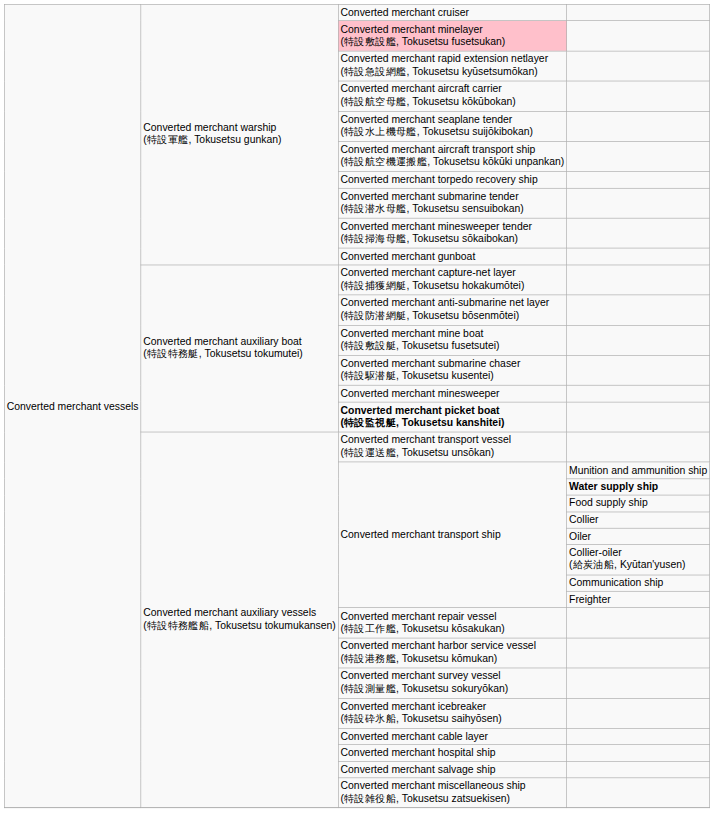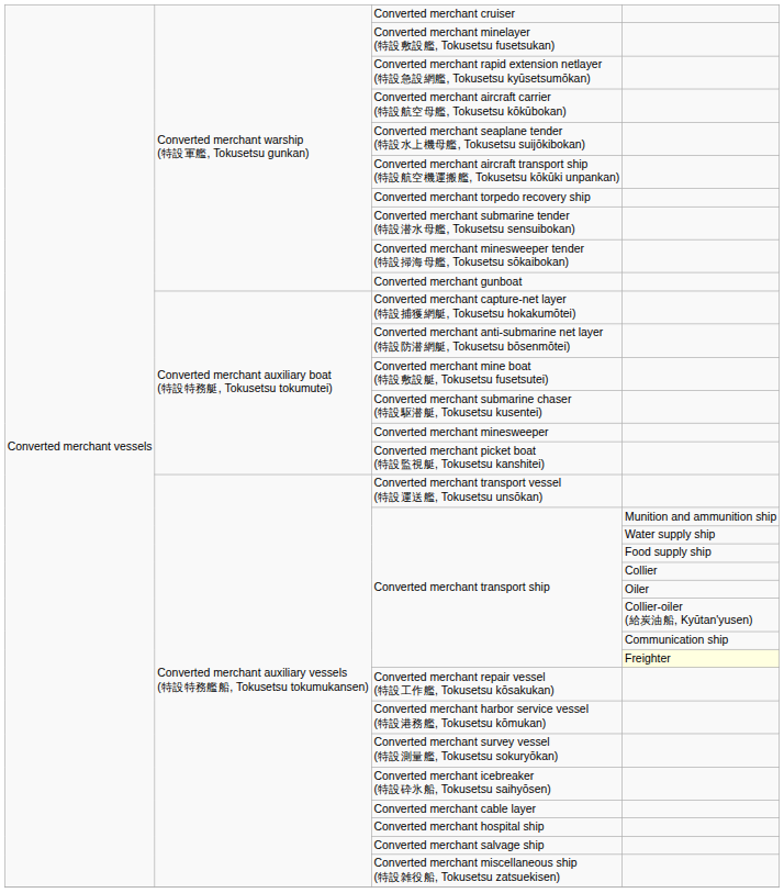 <table class="wikitable">
 <tr>
 <td rowspan="33">Converted merchant vessels</td>
 <td rowspan="10">Converted merchant warship<br>(特設軍艦, Tokusetsu gunkan)</td>
 <td>Converted merchant cruiser</td>
 <td></td>
 </tr>
 <tr>
-<td style="background: pink;">Converted merchant minelayer<br>(特設敷設艦, Tokusetsu fusetsukan)</td>
+<td>Converted merchant minelayer<br>(特設敷設艦, Tokusetsu fusetsukan)</td>
 <td></td>
 </tr>
 <tr>
 <td>Converted merchant rapid extension netlayer<br>(特設急設網艦, Tokusetsu kyūsetsumōkan)</td>
 <td></td>
 </tr>
 <tr>
 <td>Converted merchant aircraft carrier<br>(特設航空母艦, Tokusetsu kōkūbokan)</td>
 <td></td>
 </tr>
 <tr>
 <td>Converted merchant seaplane tender<br>(特設水上機母艦, Tokusetsu suijōkibokan)</td>
 <td></td>
 </tr>
 <tr>
 <td>Converted merchant aircraft transport ship<br>(特設航空機運搬艦, Tokusetsu kōkūki unpankan)</td>
 <td></td>
 </tr>
 <tr>
 <td>Converted merchant torpedo recovery ship</td>
 <td></td>
 </tr>
 <tr>
 <td>Converted merchant submarine tender<br>(特設潜水母艦, Tokusetsu sensuibokan)</td>
 <td></td>
 </tr>
 <tr>
 <td>Converted merchant minesweeper tender<br>(特設掃海母艦, Tokusetsu sōkaibokan)</td>
 <td></td>
 </tr>
 <tr>
 <td>Converted merchant gunboat</td>
 <td></td>
 </tr>
 <tr>
 <td rowspan="6">Converted merchant auxiliary boat<br>(特設特務艇, Tokusetsu tokumutei)</td>
 <td>Converted merchant capture-net layer<br>(特設捕獲網艇, Tokusetsu hokakumōtei)</td>
 <td></td>
 </tr>
 <tr>
 <td>Converted merchant anti-submarine net layer<br>(特設防潜網艇, Tokusetsu bōsenmōtei)</td>
 <td></td>
 </tr>
 <tr>
 <td>Converted merchant mine boat<br>(特設敷設艇, Tokusetsu fusetsutei)</td>
 <td></td>
 </tr>
 <tr>
 <td>Converted merchant submarine chaser<br>(特設駆潜艇, Tokusetsu kusentei)</td>
 <td></td>
 </tr>
 <tr>
 <td>Converted merchant minesweeper</td>
 <td></td>
 </tr>
 <tr>
-<td><strong>Converted merchant picket boat<br>(特設監視艇, Tokusetsu kanshitei)</strong></td>
+<td>Converted merchant picket boat<br>(特設監視艇, Tokusetsu kanshitei)</td>
 <td></td>
 </tr>
 <tr>
 <td rowspan="17">Converted merchant auxiliary vessels<br>(特設特務艦船, Tokusetsu tokumukansen)</td>
 <td>Converted merchant transport vessel<br>(特設運送艦, Tokusetsu unsōkan)</td>
 <td></td>
 </tr>
 <tr>
 <td rowspan="8">Converted merchant transport ship</td>
 <td>Munition and ammunition ship</td>
 </tr>
 <tr>
-<td><strong>Water supply ship</strong></td>
+<td>Water supply ship</td>
 </tr>
 <tr>
 <td>Food supply ship</td>
 </tr>
 <tr>
 <td>Collier</td>
 </tr>
 <tr>
 <td>Oiler</td>
 </tr>
 <tr>
 <td>Collier-oiler<br>(給炭油船, Kyūtan'yusen)</td>
 </tr>
 <tr>
 <td>Communication ship</td>
 </tr>
 <tr>
-<td>Freighter</td>
+<td style="background: lightyellow;">Freighter</td>
 </tr>
 <tr>
 <td>Converted merchant repair vessel<br>(特設工作艦, Tokusetsu kōsakukan)</td>
 <td></td>
 </tr>
 <tr>
 <td>Converted merchant harbor service vessel<br>(特設港務艦, Tokusetsu kōmukan)</td>
 <td></td>
 </tr>
 <tr>
 <td>Converted merchant survey vessel<br>(特設測量艦, Tokusetsu sokuryōkan)</td>
 <td></td>
 </tr>
 <tr>
 <td>Converted merchant icebreaker<br>(特設砕氷船, Tokusetsu saihyōsen)</td>
 <td></td>
 </tr>
 <tr>
 <td>Converted merchant cable layer</td>
 <td></td>
 </tr>
 <tr>
 <td>Converted merchant hospital ship</td>
 <td></td>
 </tr>
 <tr>
 <td>Converted merchant salvage ship</td>
 <td></td>
 </tr>
 <tr>
 <td>Converted merchant miscellaneous ship<br>(特設雑役船, Tokusetsu zatsuekisen)</td>
 <td></td>
 </tr>
 <tr>
 </tr>
 </table>
